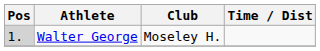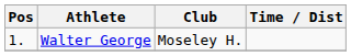 <table class="wikitable">
 <tr>
 <th>Pos</th>
 <th>Athlete</th>
 <th>Club</th>
 <th>Time / Dist</th>
 </tr>
 <tr>
-<td style="background: lightgrey;">1.</td>
+<td>1.</td>
 <td><a href='#'>Walter George</a></td>
 <td>Moseley H.</td>
 <td></td>
 </tr>
 <tr>
 </tr>
 </table>
